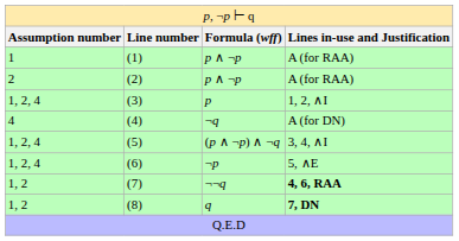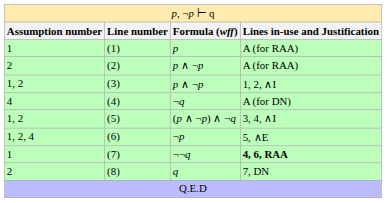 <table class="wikitable">
 <tr>
 <td colspan="4" align="center" bgcolor="#FFEBAD"><em>p</em>, ¬<em>p</em> ⊢ q</td>
 </tr>
 <tr>
 <th>Assumption number</th>
 <th>Line number</th>
 <th>Formula (<em>wff</em>)</th>
 <th>Lines in-use and Justification</th>
 </tr>
 <tr>
 <td bgcolor="#bbffbb">1</td>
 <td bgcolor="#bbffbb">(1)</td>
-<td bgcolor="#bbffbb"><em>p</em> ∧ ¬<em>p</em></td>
+<td bgcolor="#bbffbb"><em>p</em></td>
 <td bgcolor="#bbffbb">A (for RAA)</td>
 </tr>
 <tr>
 <td bgcolor="#bbffbb">2</td>
 <td bgcolor="#bbffbb">(2)</td>
 <td bgcolor="#bbffbb"><em>p</em> ∧ ¬<em>p</em></td>
 <td bgcolor="#bbffbb">A (for RAA)</td>
 </tr>
 <tr>
-<td bgcolor="#bbffbb">1, 2, 4</td>
+<td bgcolor="#bbffbb">1, 2</td>
 <td bgcolor="#bbffbb">(3)</td>
-<td bgcolor="#bbffbb"><em>p</em></td>
+<td bgcolor="#bbffbb"><em>p</em> ∧ ¬<em>p</em></td>
 <td bgcolor="#bbffbb">1, 2, ∧I</td>
 </tr>
 <tr>
 <td bgcolor="#bbffbb">4</td>
 <td bgcolor="#bbffbb">(4)</td>
 <td bgcolor="#bbffbb">¬<em>q</em></td>
 <td bgcolor="#bbffbb">A (for DN)</td>
 </tr>
 <tr>
-<td bgcolor="#bbffbb">1, 2, 4</td>
+<td bgcolor="#bbffbb">1, 2</td>
 <td bgcolor="#bbffbb">(5)</td>
 <td bgcolor="#bbffbb">(<em>p</em> ∧ ¬<em>p</em>) ∧ ¬<em>q</em></td>
 <td bgcolor="#bbffbb">3, 4, ∧I</td>
 </tr>
 <tr>
 <td bgcolor="#bbffbb">1, 2, 4</td>
 <td bgcolor="#bbffbb">(6)</td>
 <td bgcolor="#bbffbb">¬<em>p</em></td>
 <td bgcolor="#bbffbb">5, ­∧E</td>
 </tr>
 <tr>
-<td bgcolor="#bbffbb">1, 2</td>
+<td bgcolor="#bbffbb">1</td>
 <td bgcolor="#bbffbb">(7)</td>
 <td bgcolor="#bbffbb">¬¬<em>q</em></td>
 <td bgcolor="#bbffbb"><strong>4, 6, RAA</strong></td>
 </tr>
 <tr>
-<td bgcolor="#bbffbb">1, 2</td>
+<td bgcolor="#bbffbb">2</td>
 <td bgcolor="#bbffbb">(8)</td>
 <td bgcolor="#bbffbb"><em>q</em></td>
-<td bgcolor="#bbffbb"><strong>7, DN</strong></td>
+<td bgcolor="#bbffbb">7, DN</td>
 </tr>
 <tr>
 <td colspan="4" align="center" bgcolor="#BBBBFF">Q.E.D</td>
 </tr>
 </table>
